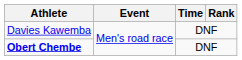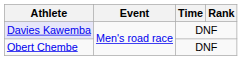 <table class=wikitable style="font-size:90%; text-align:center">
 <tr>
 <th>Athlete</th>
 <th>Event</th>
 <th>Time</th>
 <th>Rank</th>
 </tr>
 <tr>
-<td align=left><a href='#'>Davies Kawemba</a></td>
+<td align=left style="background: lavender;"><a href='#'>Davies Kawemba</a></td>
 <td align=left rowspan=2><a href='#'>Men's road race</a></td>
 <td colspan=2>DNF</td>
 </tr>
 <tr>
-<td align=left><strong><a href='#'>Obert Chembe</a></strong></td>
+<td align=left><a href='#'>Obert Chembe</a></td>
 <td colspan=2>DNF</td>
 </tr>
 </table>
